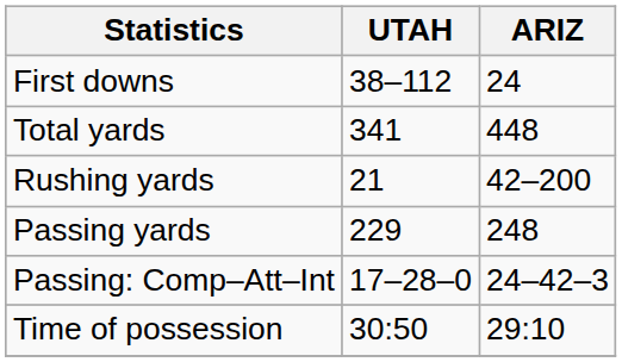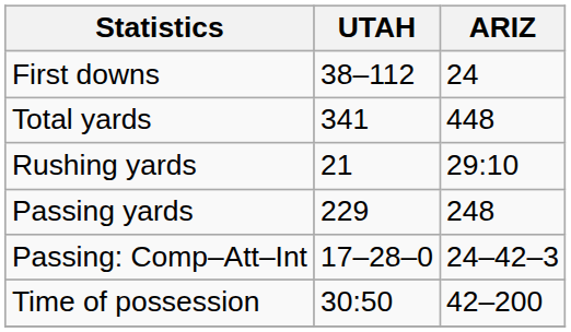 <table class="wikitable" style="float: left;">
 <tr>
 <th>Statistics</th>
 <th>UTAH</th>
 <th>ARIZ</th>
 </tr>
 <tr>
 <td>First downs</td>
 <td>38–112</td>
 <td>24</td>
 </tr>
 <tr>
 <td>Total yards</td>
 <td>341</td>
 <td>448</td>
 </tr>
 <tr>
 <td>Rushing yards</td>
 <td>21</td>
-<td>42–200</td>
+<td>29:10</td>
 </tr>
 <tr>
 <td>Passing yards</td>
 <td>229</td>
 <td>248</td>
 </tr>
 <tr>
 <td>Passing: Comp–Att–Int</td>
 <td>17–28–0</td>
 <td>24–42–3</td>
 </tr>
 <tr>
 <td>Time of possession</td>
 <td>30:50</td>
-<td>29:10</td>
+<td>42–200</td>
 </tr>
 <tr>
 </tr>
 </table>
